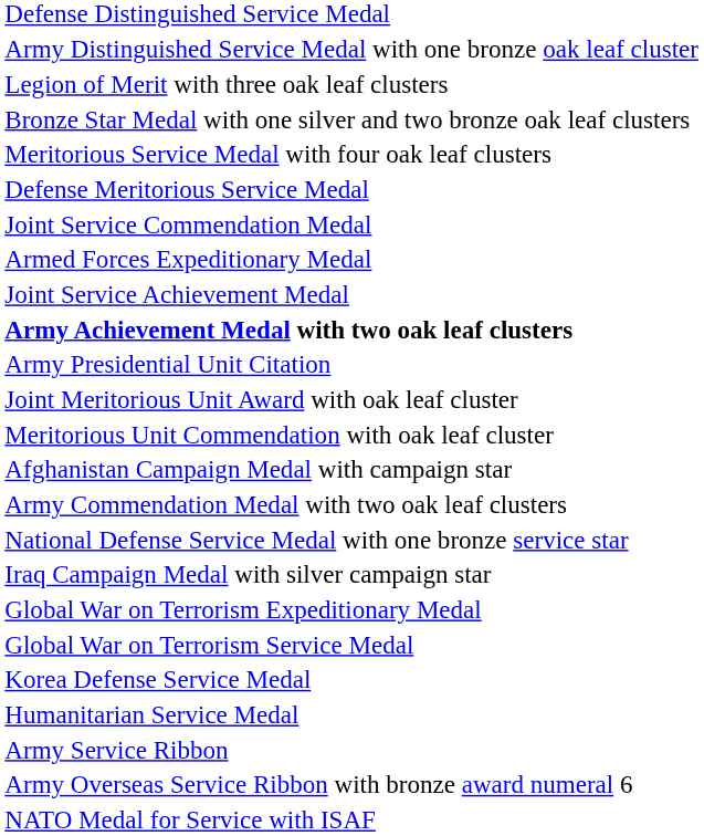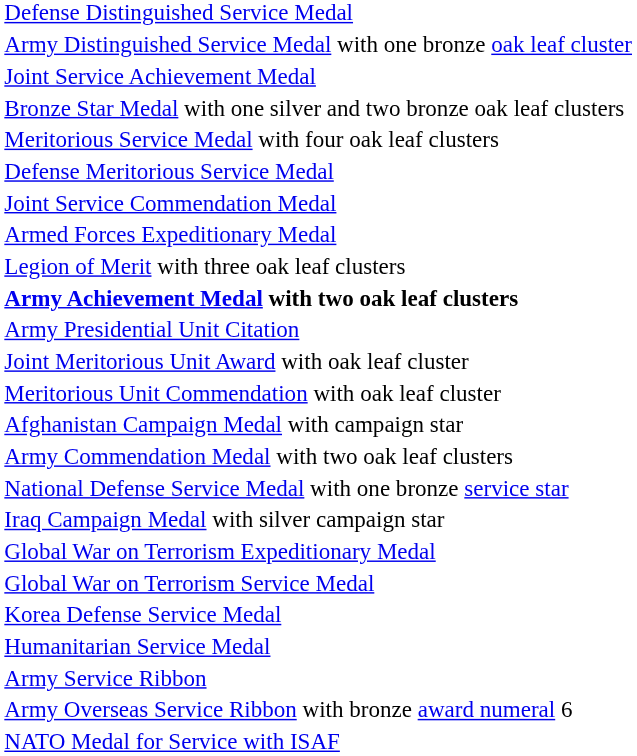 <table>
 <tr>
 <td> <a href='#'>Defense Distinguished Service Medal</a></td>
 </tr>
 <tr>
 <td> <a href='#'>Army Distinguished Service Medal</a> with one bronze <a href='#'>oak leaf cluster</a></td>
 </tr>
 <tr>
-<td><span></span><span></span><span></span> <a href='#'>Legion of Merit</a> with three oak leaf clusters</td>
+<td> <a href='#'>Joint Service Achievement Medal</a></td>
 </tr>
 <tr>
 <td><span></span><span></span> <a href='#'>Bronze Star Medal</a> with one silver and two bronze oak leaf clusters</td>
 </tr>
 <tr>
 <td><span></span><span></span><span></span><span></span> <a href='#'>Meritorious Service Medal</a> with four oak leaf clusters</td>
 </tr>
 <tr>
 <td> <a href='#'>Defense Meritorious Service Medal</a></td>
 </tr>
 <tr>
 <td> <a href='#'>Joint Service Commendation Medal</a></td>
 </tr>
 <tr>
 <td> <a href='#'>Armed Forces Expeditionary Medal</a></td>
 </tr>
 <tr>
-<td> <a href='#'>Joint Service Achievement Medal</a></td>
+<td><span></span><span></span><span></span> <a href='#'>Legion of Merit</a> with three oak leaf clusters</td>
 </tr>
 <tr>
 <td><strong><span></span><span></span> <a href='#'>Army Achievement Medal</a> with two oak leaf clusters</strong></td>
 </tr>
 <tr>
 <td> <a href='#'>Army Presidential Unit Citation</a></td>
 </tr>
 <tr>
 <td> <a href='#'>Joint Meritorious Unit Award</a> with oak leaf cluster</td>
 </tr>
 <tr>
 <td> <a href='#'>Meritorious Unit Commendation</a> with oak leaf cluster</td>
 </tr>
 <tr>
 <td> <a href='#'>Afghanistan Campaign Medal</a> with campaign star</td>
 </tr>
 <tr>
 <td><span></span><span></span> <a href='#'>Army Commendation Medal</a> with two oak leaf clusters</td>
 </tr>
 <tr>
 <td> <a href='#'>National Defense Service Medal</a> with one bronze <a href='#'>service star</a></td>
 </tr>
 <tr>
 <td> <a href='#'>Iraq Campaign Medal</a> with silver campaign star</td>
 </tr>
 <tr>
 <td> <a href='#'>Global War on Terrorism Expeditionary Medal</a></td>
 </tr>
 <tr>
 <td> <a href='#'>Global War on Terrorism Service Medal</a></td>
 </tr>
 <tr>
 <td> <a href='#'>Korea Defense Service Medal</a></td>
 </tr>
 <tr>
 <td> <a href='#'>Humanitarian Service Medal</a></td>
 </tr>
 <tr>
 <td> <a href='#'>Army Service Ribbon</a></td>
 </tr>
 <tr>
 <td><span></span> <a href='#'>Army Overseas Service Ribbon</a> with bronze <a href='#'>award numeral</a> 6</td>
 </tr>
 <tr>
 <td> <a href='#'>NATO Medal for Service with ISAF</a></td>
 </tr>
 </table>
